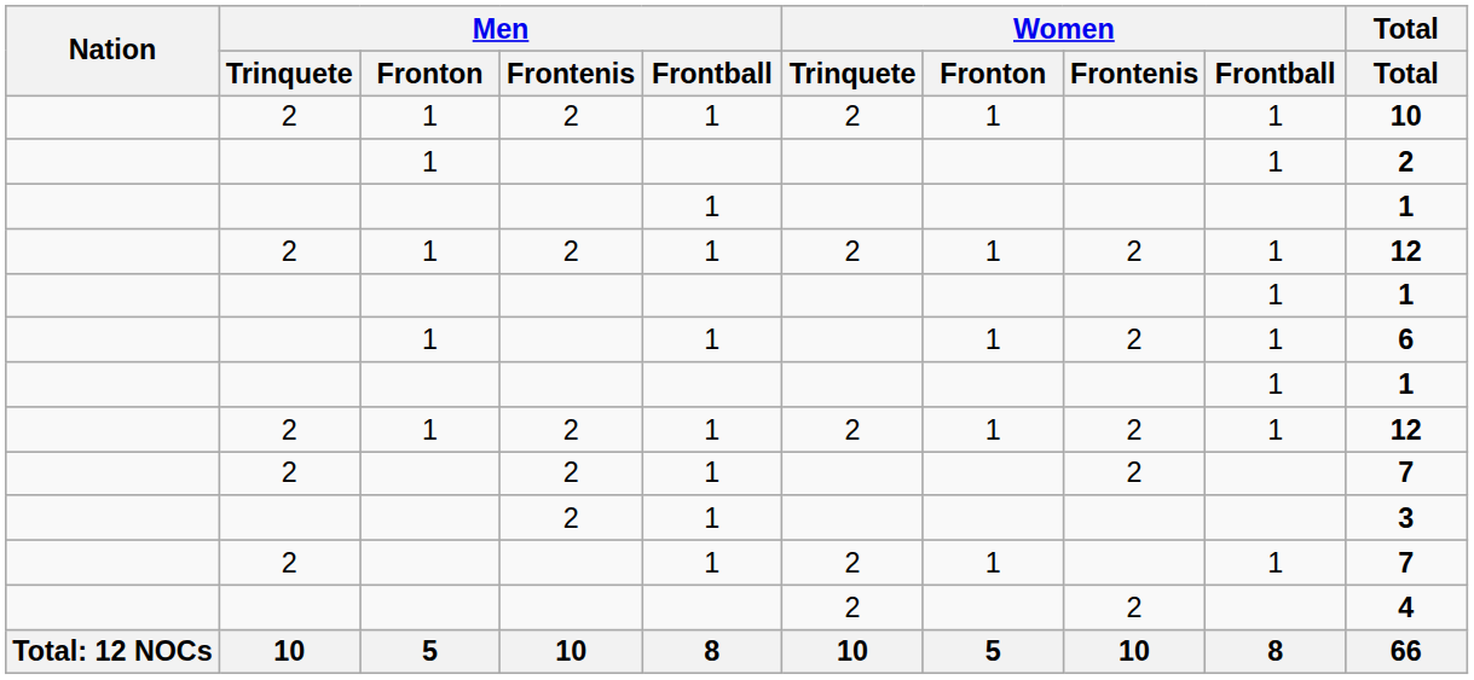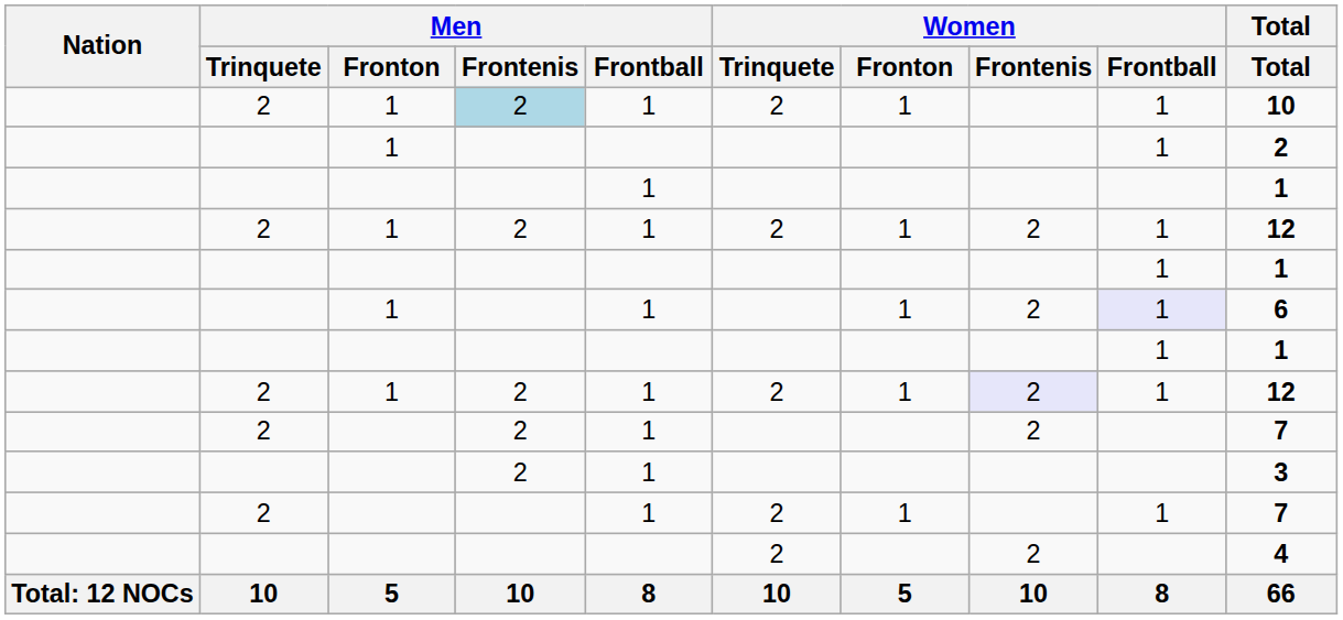 <table class="wikitable" style="text-align:center; font-size:90%">
 <tr>
 <th rowspan="2" align="left">Nation</th>
 <th colspan="4"><a href='#'>Men</a></th>
 <th colspan="4"><a href='#'>Women</a></th>
 <th>Total</th>
 </tr>
 <tr>
 <th width=65>Trinquete</th>
 <th width=65>Fronton</th>
 <th width=65>Frontenis</th>
 <th width=65>Frontball</th>
 <th width=65>Trinquete</th>
 <th width=65>Fronton</th>
 <th width=65>Frontenis</th>
 <th width=65>Frontball</th>
 <th width=55>Total</th>
 </tr>
 <tr>
 <td align=left></td>
 <td>2</td>
 <td>1</td>
-<td>2</td>
+<td style="background: lightblue;">2</td>
 <td>1</td>
 <td>2</td>
 <td>1</td>
 <td></td>
 <td>1</td>
 <td><strong>10</strong></td>
 </tr>
 <tr>
 <td align=left></td>
 <td></td>
 <td>1</td>
 <td></td>
 <td></td>
 <td></td>
 <td></td>
 <td></td>
 <td>1</td>
 <td><strong>2</strong></td>
 </tr>
 <tr>
 <td align=left></td>
 <td></td>
 <td></td>
 <td></td>
 <td>1</td>
 <td></td>
 <td></td>
 <td></td>
 <td></td>
 <td><strong>1</strong></td>
 </tr>
 <tr>
 <td align=left></td>
 <td>2</td>
 <td>1</td>
 <td>2</td>
 <td>1</td>
 <td>2</td>
 <td>1</td>
 <td>2</td>
 <td>1</td>
 <td><strong>12</strong></td>
 </tr>
 <tr>
 <td align=left></td>
 <td></td>
 <td></td>
 <td></td>
 <td></td>
 <td></td>
 <td></td>
 <td></td>
 <td>1</td>
 <td><strong>1</strong></td>
 </tr>
 <tr>
 <td align=left></td>
 <td></td>
 <td>1</td>
 <td></td>
 <td>1</td>
 <td></td>
 <td>1</td>
 <td>2</td>
-<td>1</td>
+<td style="background: lavender;">1</td>
 <td><strong>6</strong></td>
 </tr>
 <tr>
 <td align=left></td>
 <td></td>
 <td></td>
 <td></td>
 <td></td>
 <td></td>
 <td></td>
 <td></td>
 <td>1</td>
 <td><strong>1</strong></td>
 </tr>
 <tr>
 <td align=left></td>
 <td>2</td>
 <td>1</td>
 <td>2</td>
 <td>1</td>
 <td>2</td>
 <td>1</td>
-<td>2</td>
+<td style="background: lavender;">2</td>
 <td>1</td>
 <td><strong>12</strong></td>
 </tr>
 <tr>
 <td align=left></td>
 <td>2</td>
 <td></td>
 <td>2</td>
 <td>1</td>
 <td></td>
 <td></td>
 <td>2</td>
 <td></td>
 <td><strong>7</strong></td>
 </tr>
 <tr>
 <td align=left></td>
 <td></td>
 <td></td>
 <td>2</td>
 <td>1</td>
 <td></td>
 <td></td>
 <td></td>
 <td></td>
 <td><strong>3</strong></td>
 </tr>
 <tr>
 <td align=left></td>
 <td>2</td>
 <td></td>
 <td></td>
 <td>1</td>
 <td>2</td>
 <td>1</td>
 <td></td>
 <td>1</td>
 <td><strong>7</strong></td>
 </tr>
 <tr>
 <td align=left></td>
 <td></td>
 <td></td>
 <td></td>
 <td></td>
 <td>2</td>
 <td></td>
 <td>2</td>
 <td></td>
 <td><strong>4</strong></td>
 </tr>
 <tr>
 <th>Total: 12 NOCs</th>
 <th>10</th>
 <th>5</th>
 <th>10</th>
 <th>8</th>
 <th>10</th>
 <th>5</th>
 <th>10</th>
 <th>8</th>
 <th>66</th>
 </tr>
 </table>
